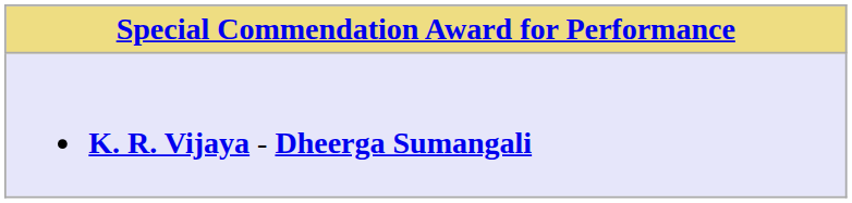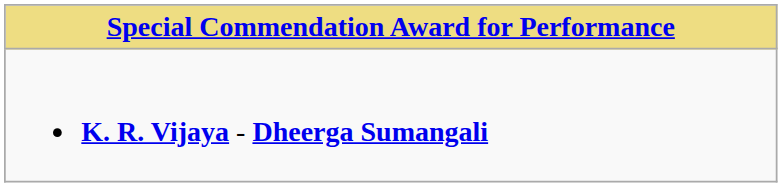 <table class="wikitable" width=50% |>
 <tr>
 <th !  style="background:#eedd82; text-align:center; width:50%;"><a href='#'>Special Commendation Award for Performance</a></th>
 </tr>
 <tr>
-<td valign="top" style="background: lavender;"><br><ul><li><strong><a href='#'>K. R. Vijaya</a></strong> - <strong><a href='#'>Dheerga Sumangali</a></strong></li></ul></td>
+<td valign="top"><br><ul><li><strong><a href='#'>K. R. Vijaya</a></strong> - <strong><a href='#'>Dheerga Sumangali</a></strong></li></ul></td>
 </tr>
 </table>
